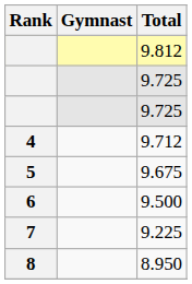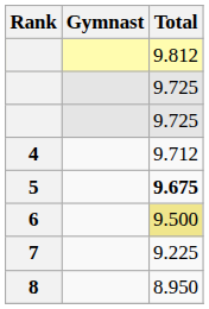 <table class="wikitable sortable" style="text-align:center; font-size:95%">
 <tr>
 <th scope=col>Rank</th>
 <th scope=col>Gymnast</th>
 <th scope=col>Total</th>
 </tr>
 <tr bgcolor=fffcaf>
 <th scope=row style="text-align:center"></th>
 <td align=left></td>
 <td>9.812</td>
 </tr>
 <tr bgcolor=e5e5e5>
 <th scope=row style="text-align:center"></th>
 <td align=left></td>
 <td>9.725</td>
 </tr>
 <tr bgcolor=e5e5e5>
 <th scope=row style="text-align:center"></th>
 <td align=left></td>
 <td>9.725</td>
 </tr>
 <tr>
 <th scope=row style="text-align:center">4</th>
 <td align=left></td>
 <td>9.712</td>
 </tr>
 <tr>
 <th scope=row style="text-align:center">5</th>
 <td align=left></td>
-<td>9.675</td>
+<td><strong>9.675</strong></td>
 </tr>
 <tr>
 <th scope=row style="text-align:center">6</th>
 <td align=left></td>
-<td>9.500</td>
+<td style="background: khaki;">9.500</td>
 </tr>
 <tr>
 <th scope=row style="text-align:center">7</th>
 <td align=left></td>
 <td>9.225</td>
 </tr>
 <tr>
 <th scope=row style="text-align:center">8</th>
 <td align=left></td>
 <td>8.950</td>
 </tr>
 <tr>
 </tr>
 </table>
